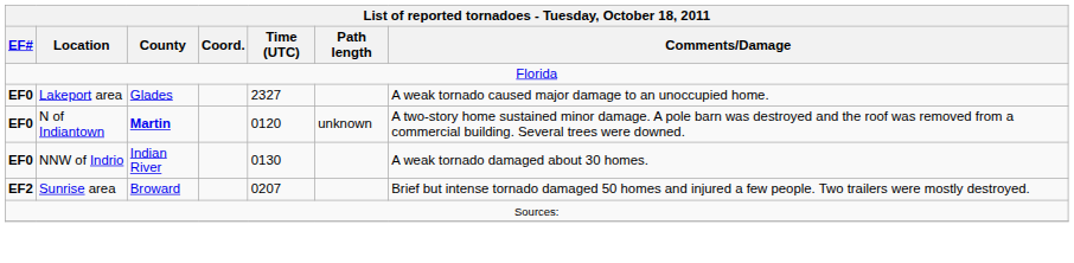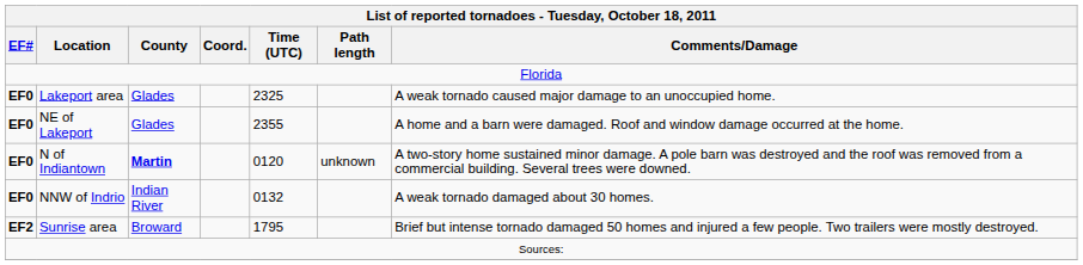 <table class="wikitable collapsible" width="100%">
 <tr>
 <th colspan="7">List of reported tornadoes - Tuesday, October 18, 2011</th>
 </tr>
 <tr>
 <th><a href='#'>EF#</a></th>
 <th>Location</th>
 <th>County</th>
 <th>Coord.</th>
 <th>Time (UTC)</th>
 <th>Path length</th>
 <th>Comments/Damage</th>
 </tr>
 <tr>
 <td colspan="7" align=center><a href='#'>Florida</a></td>
 </tr>
 <tr>
 <td><strong>EF0</strong></td>
 <td><a href='#'>Lakeport</a> area</td>
 <td><a href='#'>Glades</a></td>
 <td></td>
-<td>2327</td>
+<td>2325</td>
 <td></td>
 <td>A weak tornado caused major damage to an unoccupied home.</td>
+</tr>
+<tr>
+<td><strong>EF0</strong></td>
+<td>NE of <a href='#'>Lakeport</a></td>
+<td><a href='#'>Glades</a></td>
+<td></td>
+<td>2355</td>
+<td></td>
+<td>A home and a barn were damaged. Roof and window damage occurred at the home.</td>
 </tr>
 <tr>
 <td><strong>EF0</strong></td>
 <td>N of <a href='#'>Indiantown</a></td>
 <td><strong><a href='#'>Martin</a></strong></td>
 <td></td>
 <td>0120</td>
 <td>unknown</td>
 <td>A two-story home sustained minor damage. A pole barn was destroyed and the roof was removed from a commercial building. Several trees were downed.</td>
 </tr>
 <tr>
 <td><strong>EF0</strong></td>
 <td>NNW of <a href='#'>Indrio</a></td>
 <td><a href='#'>Indian River</a></td>
 <td></td>
-<td>0130</td>
+<td>0132</td>
 <td></td>
 <td>A weak tornado damaged about 30 homes.</td>
 </tr>
 <tr>
 <td><strong>EF2</strong></td>
 <td><a href='#'>Sunrise</a> area</td>
 <td><a href='#'>Broward</a></td>
 <td></td>
-<td>0207</td>
+<td>1795</td>
 <td></td>
 <td>Brief but intense tornado damaged 50 homes and injured a few people. Two trailers were mostly destroyed.</td>
 </tr>
 <tr>
 <td colspan="7" align=center><small>Sources: </small></td>
 </tr>
 <tr>
 </tr>
 </table>
